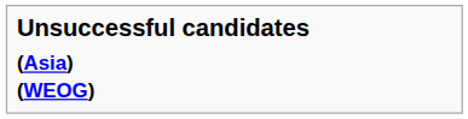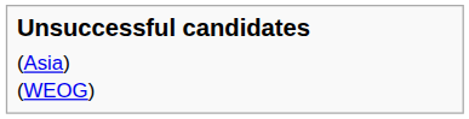 <table class="infobox" width="300px">
 <tr>
 <td><strong>Unsuccessful candidates</strong></td>
 </tr>
 <tr>
-<td><strong> <small>(<a href='#'>Asia</a>)</small><br> <small>(<a href='#'>WEOG</a>)</small></strong></td>
+<td> <small>(<a href='#'>Asia</a>)</small><br> <small>(<a href='#'>WEOG</a>)</small></td>
 </tr>
 </table>
